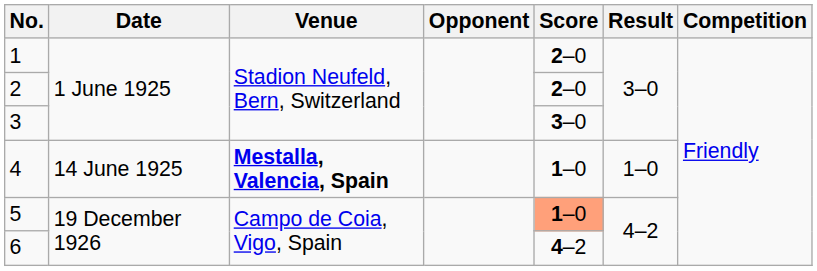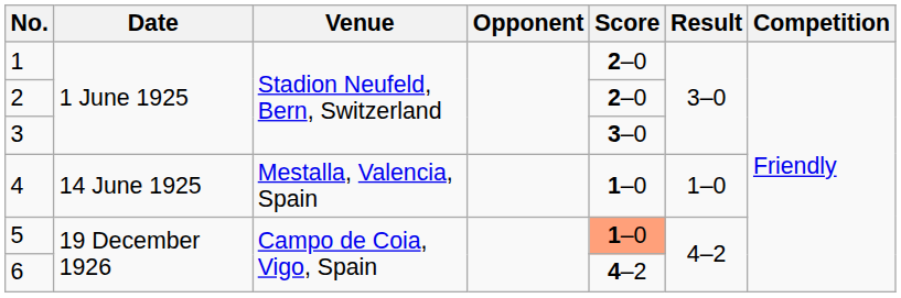 <table class="wikitable plainrowheaders sortable">
 <tr>
 <th>No.</th>
 <th style="width:8em;">Date</th>
 <th>Venue</th>
 <th>Opponent</th>
 <th>Score</th>
 <th>Result</th>
 <th>Competition</th>
 </tr>
 <tr>
 <td>1</td>
 <td rowspan="3">1 June 1925</td>
 <td rowspan="3"><a href='#'>Stadion Neufeld</a>, <a href='#'>Bern</a>, Switzerland</td>
 <td rowspan="3"></td>
 <td align=center><strong>2</strong>–0</td>
 <td rowspan="3" style="text-align:center">3–0</td>
 <td rowspan="6"><a href='#'>Friendly</a></td>
 </tr>
 <tr>
 <td>2</td>
 <td align=center><strong>2</strong>–0</td>
 </tr>
 <tr>
 <td>3</td>
 <td align=center><strong>3</strong>–0</td>
 </tr>
 <tr>
 <td>4</td>
 <td rowspan="1">14 June 1925</td>
-<td rowspan="1"><strong><a href='#'>Mestalla</a>, <a href='#'>Valencia</a>, Spain</strong></td>
+<td rowspan="1"><a href='#'>Mestalla</a>, <a href='#'>Valencia</a>, Spain</td>
 <td rowspan="1"></td>
 <td align=center><strong>1</strong>–0</td>
 <td rowspan="1" style="text-align:center">1–0</td>
 </tr>
 <tr>
 <td>5</td>
 <td rowspan="2">19 December 1926</td>
 <td rowspan="2"><a href='#'>Campo de Coia</a>, <a href='#'>Vigo</a>, Spain</td>
 <td rowspan="2"></td>
 <td align=center style="background: lightsalmon;"><strong>1</strong>–0</td>
 <td rowspan="2" style="text-align:center">4–2</td>
 </tr>
 <tr>
 <td>6</td>
 <td align=center><strong>4</strong>–2</td>
 </tr>
 </table>
